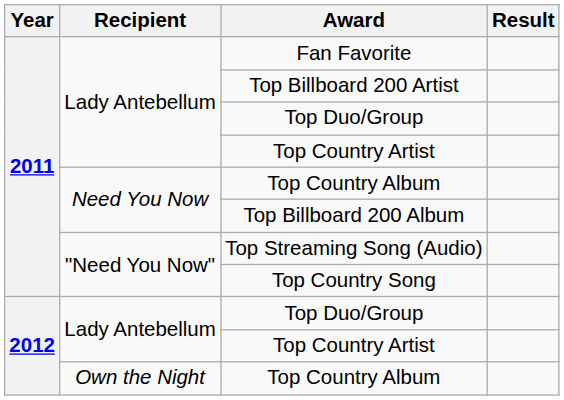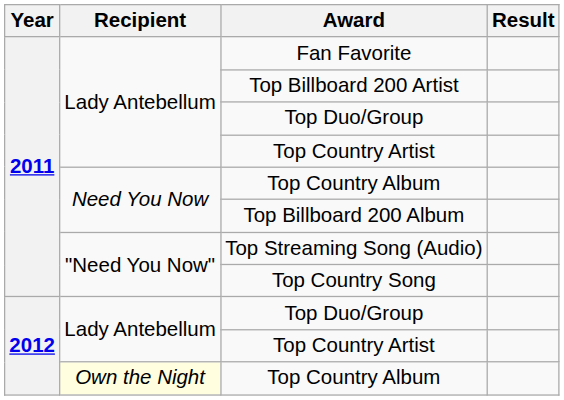 <table class="wikitable" style="text-align:center">
 <tr>
 <th>Year</th>
 <th>Recipient</th>
 <th>Award</th>
 <th>Result</th>
 </tr>
 <tr>
 <th rowspan="8"><a href='#'>2011</a></th>
 <td rowspan="4">Lady Antebellum</td>
 <td>Fan Favorite</td>
 <td></td>
 </tr>
 <tr>
 <td>Top Billboard 200 Artist</td>
 <td></td>
 </tr>
 <tr>
 <td>Top Duo/Group</td>
 <td></td>
 </tr>
 <tr>
 <td>Top Country Artist</td>
 <td></td>
 </tr>
 <tr>
 <td rowspan="2"><em>Need You Now</em></td>
 <td>Top Country Album </td>
 <td></td>
 </tr>
 <tr>
 <td>Top Billboard 200 Album </td>
 <td></td>
 </tr>
 <tr>
 <td rowspan="2">"Need You Now"</td>
 <td>Top Streaming Song (Audio) </td>
 <td></td>
 </tr>
 <tr>
 <td>Top Country Song </td>
 <td></td>
 </tr>
 <tr>
 <th rowspan="3"><a href='#'>2012</a></th>
 <td rowspan="2">Lady Antebellum</td>
 <td>Top Duo/Group</td>
 <td></td>
 </tr>
 <tr>
 <td>Top Country Artist</td>
 <td></td>
 </tr>
 <tr>
-<td><em>Own the Night</em></td>
+<td style="background: lightyellow;"><em>Own the Night</em></td>
 <td>Top Country Album</td>
 <td></td>
 </tr>
 </table>
